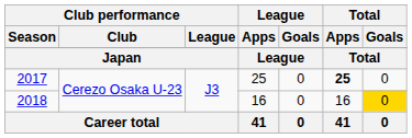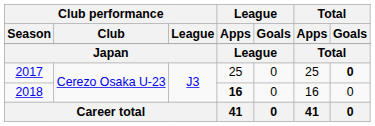 <table class="wikitable" style="text-align:center">
 <tr>
 <th colspan=3>Club performance</th>
 <th colspan=2>League</th>
 <th colspan=2>Total</th>
 </tr>
 <tr>
 <th>Season</th>
 <th>Club</th>
 <th>League</th>
 <th>Apps</th>
 <th>Goals</th>
 <th>Apps</th>
 <th>Goals</th>
 </tr>
 <tr>
 </tr>
 <tr>
 <th colspan=3>Japan</th>
 <th colspan=2>League</th>
 <th colspan=2>Total</th>
 </tr>
 <tr>
 <td><a href='#'>2017</a></td>
 <td rowspan=2><a href='#'>Cerezo Osaka U-23</a></td>
 <td rowspan=2><a href='#'>J3</a></td>
 <td>25</td>
 <td>0</td>
-<td><strong>25</strong></td>
-<td>0</td>
+<td>25</td>
+<td><strong>0</strong></td>
 </tr>
 <tr>
 <td><a href='#'>2018</a></td>
+<td><strong>16</strong></td>
+<td>0</td>
 <td>16</td>
 <td>0</td>
-<td>16</td>
-<td style="background: gold;">0</td>
 </tr>
 <tr>
 <th colspan=3>Career total</th>
 <th>41</th>
 <th>0</th>
 <th>41</th>
 <th>0</th>
 </tr>
 </table>
